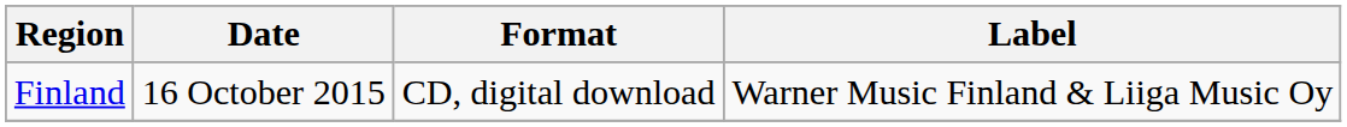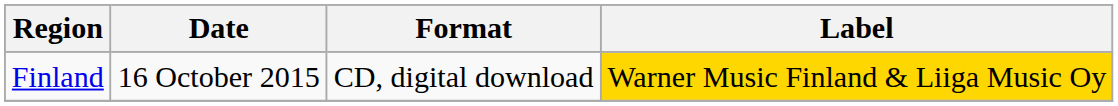 <table class=wikitable>
 <tr>
 <th>Region</th>
 <th>Date</th>
 <th>Format</th>
 <th>Label</th>
 </tr>
 <tr>
 <td><a href='#'>Finland</a></td>
 <td>16 October 2015</td>
 <td>CD, digital download</td>
-<td>Warner Music Finland & Liiga Music Oy</td>
+<td style="background: gold;">Warner Music Finland & Liiga Music Oy</td>
 </tr>
 <tr>
 </tr>
 </table>
